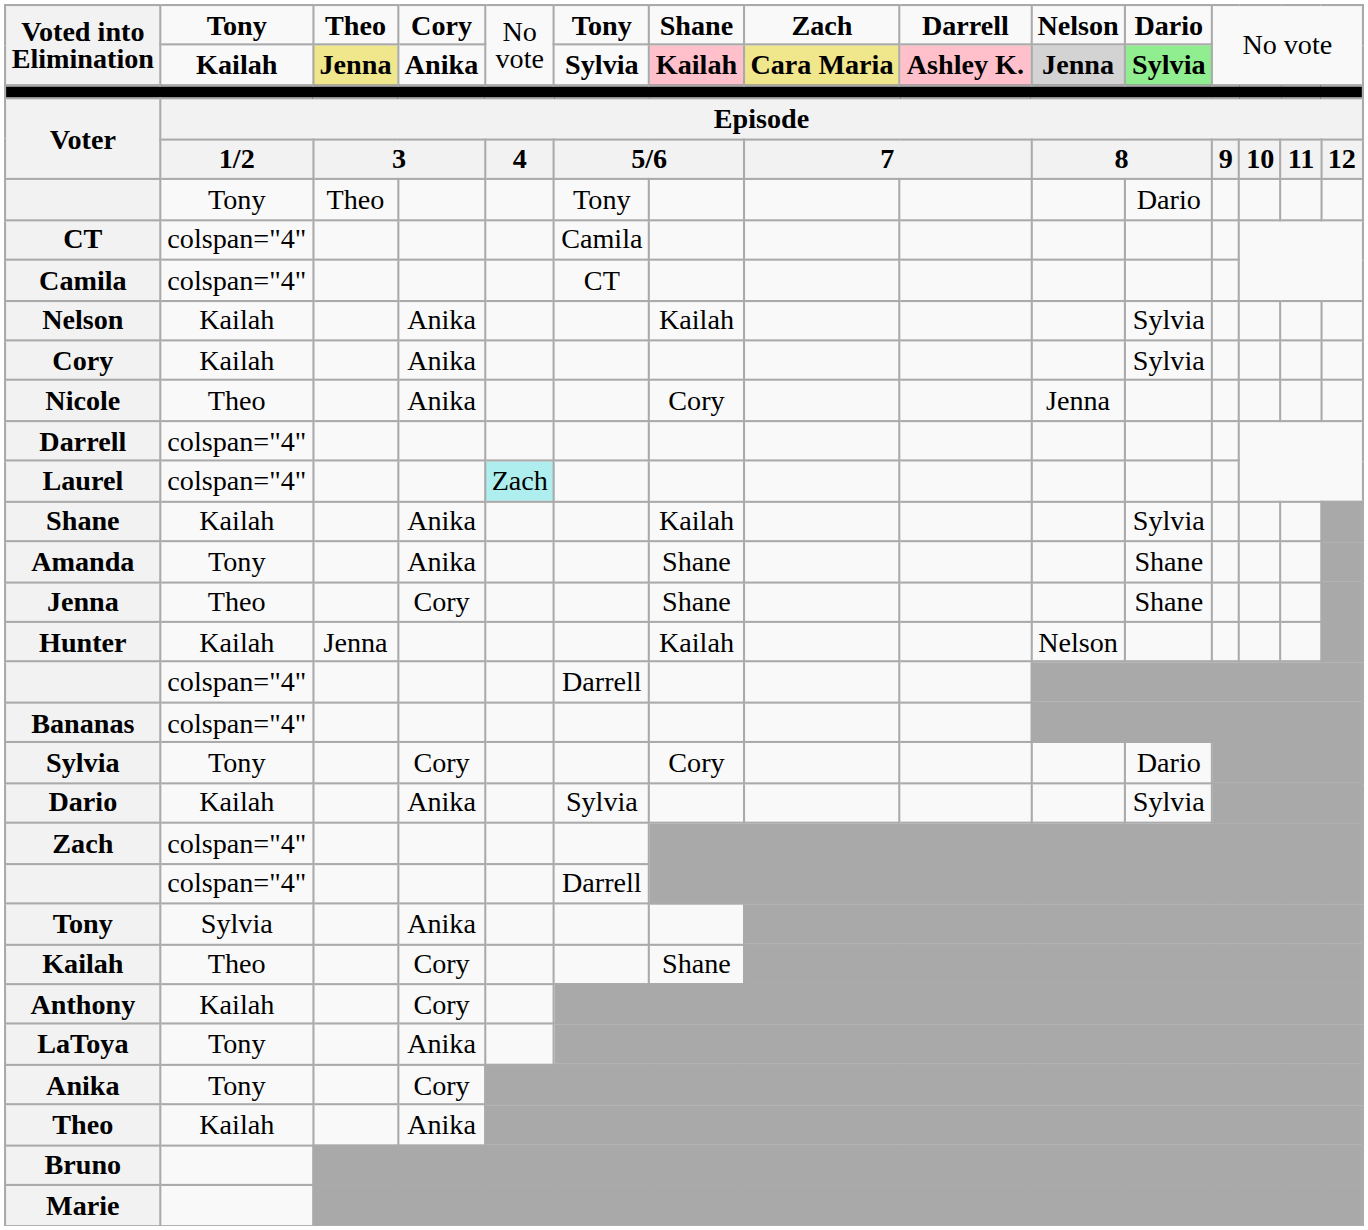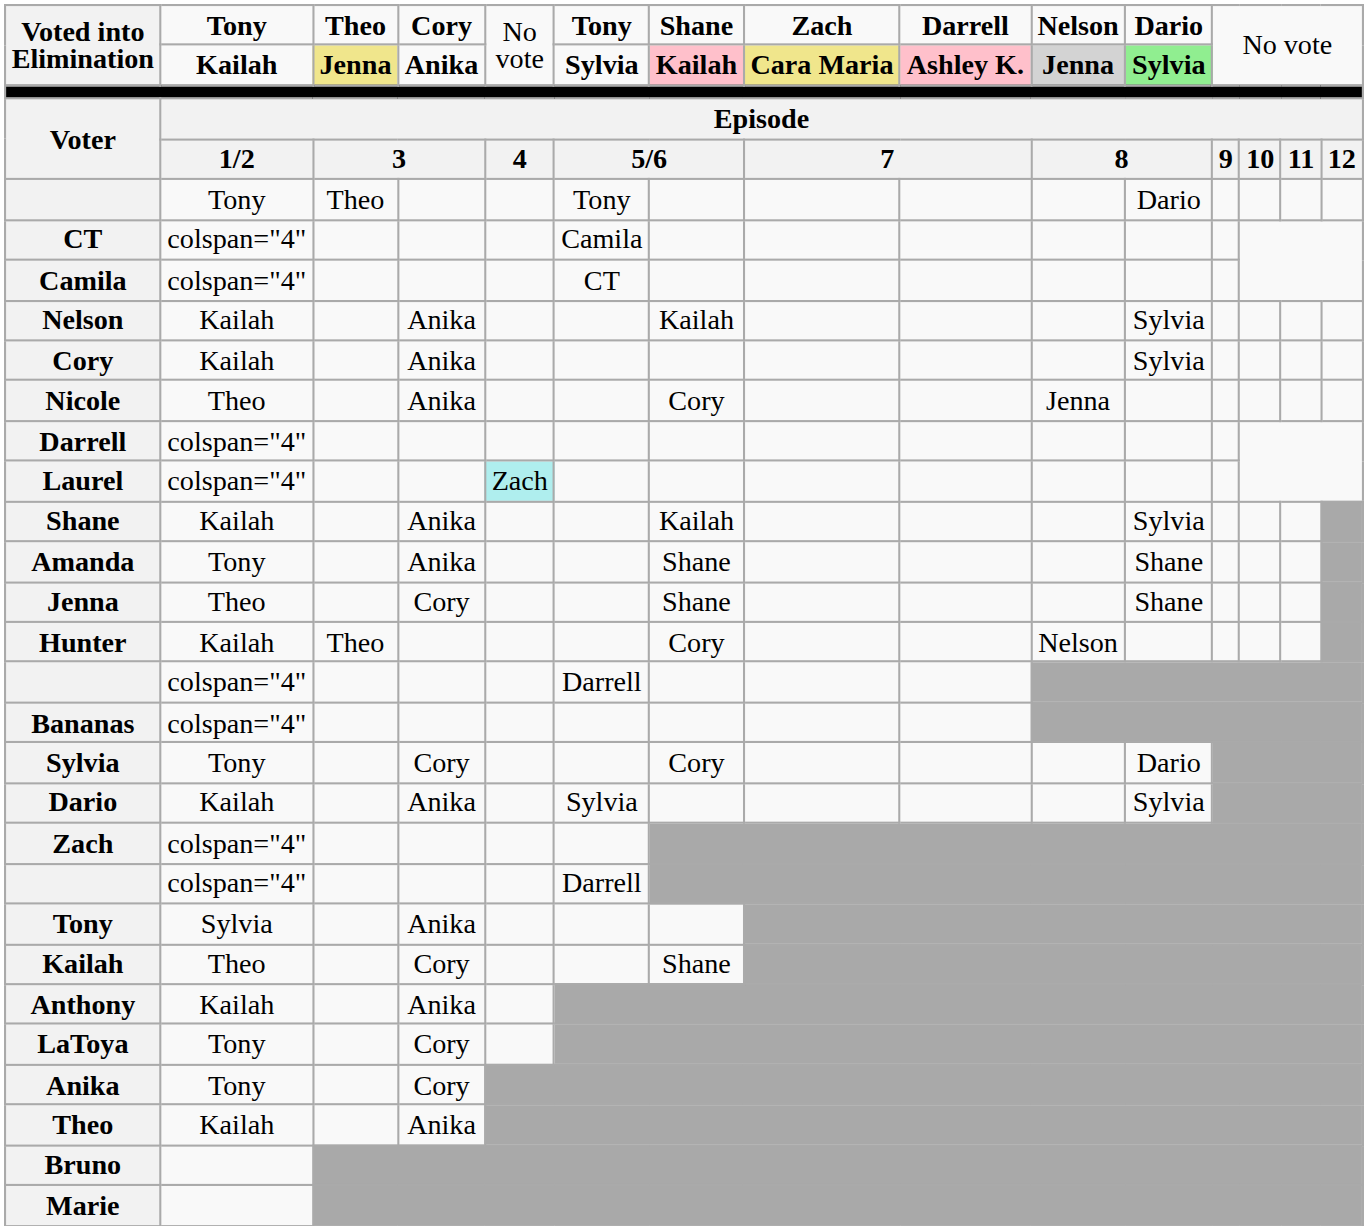 <table class="wikitable" style="text-align:center; line-height:13px; font-size:85%;">
 <tr>
 <th colspan="1" rowspan="2">Voted into<br>Elimination</th>
 <td><strong>Tony</strong><br></td>
 <td><strong>Theo</strong><br></td>
 <td><strong>Cory</strong><br></td>
 <td style="background:" rowspan="2">No <br> vote</td>
 <td><strong>Tony</strong><br></td>
 <td><strong>Shane</strong><br></td>
 <td><strong>Zach</strong><br></td>
 <td><strong>Darrell</strong><br></td>
 <td><strong>Nelson</strong><br></td>
 <td><strong>Dario</strong><br></td>
 <td style="background:" rowspan="2" colspan="4">No vote</td>
 </tr>
 <tr>
 <td><strong>Kailah</strong><br></td>
 <td style="background: khaki;"><strong>Jenna</strong><br></td>
 <td><strong>Anika</strong><br></td>
 <td><strong>Sylvia</strong><br></td>
 <td style="background: pink;"><strong>Kailah</strong><br></td>
 <td style="background: khaki;"><strong>Cara Maria</strong><br></td>
 <td style="background: pink;"><strong>Ashley K.</strong><br></td>
 <td style="background: lightgrey;"><strong>Jenna</strong><br></td>
 <td style="background: lightgreen;"><strong>Sylvia</strong><br></td>
 </tr>
 <tr>
 <th style="background:black" colspan="17"></th>
 </tr>
 <tr>
 <th colspan=1 rowspan=2>Voter</th>
 <th colspan=14>Episode</th>
 </tr>
 <tr>
 <th>1/2</th>
 <th colspan=2>3</th>
 <th>4</th>
 <th colspan=2>5/6</th>
 <th colspan=2>7</th>
 <th colspan=2>8</th>
 <th>9</th>
 <th>10</th>
 <th>11</th>
 <th>12</th>
 </tr>
 <tr>
 <th></th>
 <td>Tony</td>
 <td>Theo</td>
 <td></td>
 <td></td>
 <td>Tony</td>
 <td></td>
 <td></td>
 <td></td>
 <td></td>
 <td>Dario</td>
 <td></td>
 <td></td>
 <td></td>
 <td></td>
 </tr>
 <tr>
 <th>CT</th>
 <td>colspan="4" </td>
 <td></td>
 <td></td>
 <td></td>
 <td>Camila</td>
 <td></td>
 <td></td>
 <td></td>
 <td></td>
 <td></td>
 <td></td>
 </tr>
 <tr>
 <th>Camila</th>
 <td>colspan="4" </td>
 <td></td>
 <td></td>
 <td></td>
 <td>CT</td>
 <td></td>
 <td></td>
 <td></td>
 <td></td>
 <td></td>
 <td></td>
 </tr>
 <tr>
 <th>Nelson</th>
 <td>Kailah</td>
 <td></td>
 <td>Anika</td>
 <td></td>
 <td></td>
 <td>Kailah</td>
 <td></td>
 <td></td>
 <td></td>
 <td>Sylvia</td>
 <td></td>
 <td></td>
 <td></td>
 <td></td>
 </tr>
 <tr>
 <th>Cory</th>
 <td>Kailah</td>
 <td></td>
 <td>Anika</td>
 <td></td>
 <td></td>
 <td></td>
 <td></td>
 <td></td>
 <td></td>
 <td>Sylvia</td>
 <td></td>
 <td></td>
 <td></td>
 <td></td>
 </tr>
 <tr>
 <th>Nicole</th>
 <td>Theo</td>
 <td></td>
 <td>Anika</td>
 <td></td>
 <td></td>
 <td>Cory</td>
 <td></td>
 <td></td>
 <td>Jenna</td>
 <td></td>
 <td></td>
 <td></td>
 <td></td>
 <td></td>
 </tr>
 <tr>
 <th>Darrell</th>
 <td>colspan="4" </td>
 <td></td>
 <td></td>
 <td></td>
 <td></td>
 <td></td>
 <td></td>
 <td></td>
 <td></td>
 <td></td>
 <td></td>
 </tr>
 <tr>
 <th>Laurel</th>
 <td>colspan="4" </td>
 <td></td>
 <td></td>
 <td style="background: paleturquoise;">Zach</td>
 <td></td>
 <td></td>
 <td></td>
 <td></td>
 <td></td>
 <td></td>
 <td></td>
 </tr>
 <tr>
 <th>Shane</th>
 <td>Kailah</td>
 <td></td>
 <td>Anika</td>
 <td></td>
 <td></td>
 <td>Kailah</td>
 <td></td>
 <td></td>
 <td></td>
 <td>Sylvia</td>
 <td></td>
 <td></td>
 <td></td>
 <td style="background:darkgray" colspan=11></td>
 </tr>
 <tr>
 <th>Amanda</th>
 <td>Tony</td>
 <td></td>
 <td>Anika</td>
 <td></td>
 <td></td>
 <td>Shane</td>
 <td></td>
 <td></td>
 <td></td>
 <td>Shane</td>
 <td></td>
 <td></td>
 <td></td>
 <td style="background:darkgray" colspan=11></td>
 </tr>
 <tr>
 <th>Jenna</th>
 <td>Theo</td>
 <td></td>
 <td>Cory</td>
 <td></td>
 <td></td>
 <td>Shane</td>
 <td></td>
 <td></td>
 <td></td>
 <td>Shane</td>
 <td></td>
 <td></td>
 <td></td>
 <td style="background:darkgray" colspan=11></td>
 </tr>
 <tr>
 <th>Hunter</th>
 <td>Kailah</td>
-<td>Jenna</td>
+<td>Theo</td>
 <td></td>
 <td></td>
 <td></td>
-<td>Kailah</td>
+<td>Cory</td>
 <td></td>
 <td></td>
 <td>Nelson</td>
 <td></td>
 <td></td>
 <td></td>
 <td></td>
 <td style="background:darkgray" colspan=11></td>
 </tr>
 <tr>
 <th></th>
 <td>colspan="4" </td>
 <td></td>
 <td></td>
 <td></td>
 <td>Darrell</td>
 <td></td>
 <td></td>
 <td></td>
 <td style="background:darkgray" colspan=11></td>
 </tr>
 <tr>
 <th>Bananas</th>
 <td>colspan="4" </td>
 <td></td>
 <td></td>
 <td></td>
 <td></td>
 <td></td>
 <td></td>
 <td></td>
 <td style="background:darkgray" colspan=11></td>
 </tr>
 <tr>
 <th>Sylvia</th>
 <td>Tony</td>
 <td></td>
 <td>Cory</td>
 <td></td>
 <td></td>
 <td>Cory</td>
 <td></td>
 <td></td>
 <td></td>
 <td>Dario</td>
 <td style="background:darkgray" colspan=11></td>
 </tr>
 <tr>
 <th>Dario</th>
 <td>Kailah</td>
 <td></td>
 <td>Anika</td>
 <td></td>
 <td>Sylvia</td>
 <td></td>
 <td></td>
 <td></td>
 <td></td>
 <td>Sylvia</td>
 <td style="background:darkgray" colspan=11></td>
 </tr>
 <tr>
 <th>Zach</th>
 <td>colspan="4" </td>
 <td></td>
 <td></td>
 <td></td>
 <td></td>
 <td style="background:darkgray" colspan=13></td>
 </tr>
 <tr>
 <th></th>
 <td>colspan="4" </td>
 <td></td>
 <td></td>
 <td></td>
 <td>Darrell</td>
 <td style="background:darkgray" colspan=13></td>
 </tr>
 <tr>
 <th>Tony</th>
 <td>Sylvia</td>
 <td></td>
 <td>Anika</td>
 <td></td>
 <td></td>
 <td></td>
 <td style="background:darkgray" colspan=15></td>
 </tr>
 <tr>
 <th>Kailah</th>
 <td>Theo</td>
 <td></td>
 <td>Cory</td>
 <td></td>
 <td></td>
 <td>Shane</td>
 <td style="background:darkgray" colspan=15></td>
 </tr>
 <tr>
 <th>Anthony</th>
 <td>Kailah</td>
 <td></td>
-<td>Cory</td>
+<td>Anika</td>
 <td></td>
 <td bgcolor="darkgray" colspan=15></td>
 </tr>
 <tr>
 <th>LaToya</th>
 <td>Tony</td>
 <td></td>
-<td>Anika</td>
+<td>Cory</td>
 <td></td>
 <td bgcolor="darkgray" colspan=15></td>
 </tr>
 <tr>
 <th>Anika</th>
 <td>Tony</td>
 <td></td>
 <td>Cory</td>
 <td style="background:darkgray" colspan=15></td>
 </tr>
 <tr>
 <th>Theo</th>
 <td>Kailah</td>
 <td></td>
 <td>Anika</td>
 <td style="background:darkgray" colspan=15></td>
 </tr>
 <tr>
 <th>Bruno</th>
 <td></td>
 <td style="background:darkgray" colspan=15></td>
 </tr>
 <tr>
 <th>Marie</th>
 <td></td>
 <td style="background:darkgray" colspan=15></td>
 </tr>
 <tr>
 </tr>
 </table>
